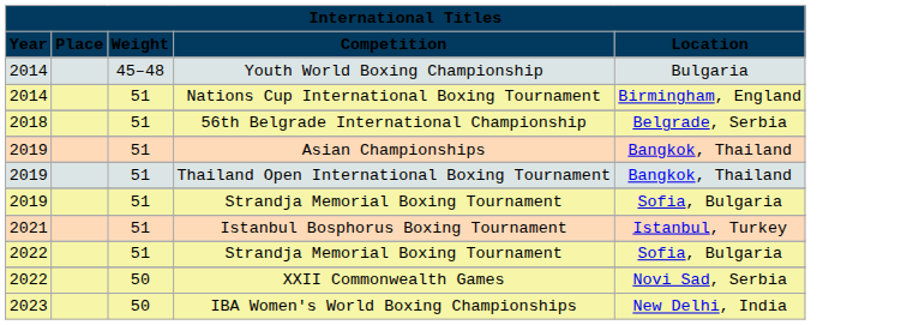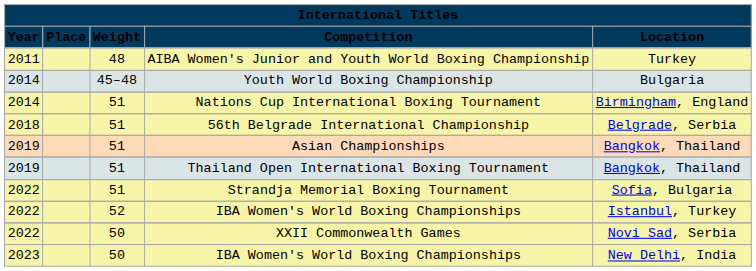 <table class="wikitable collapsible" style="text-align: center;">
 <tr>
 <th colspan=5 style="background: #013A5E; colour: #FFFFFF;">International Titles</th>
 </tr>
 <tr>
 <th style="background: #013A5E; colour: #FFFFFF;">Year</th>
 <th style="background: #013A5E; colour: #FFFFFF;">Place</th>
 <th style="background: #013A5E; colour: #FFFFFF;">Weight</th>
 <th style="background: #013A5E; colour: #FFFFFF;">Competition</th>
 <th style="background: #013A5E; colour: #FFFFFF;">Location</th>
 </tr>
 <tr>
+</tr>
+<tr bgcolor=F7F6A8>
+<td>2011</td>
+<td></td>
+<td>48</td>
+<td>AIBA Women's Junior and Youth World Boxing Championship</td>
+<td>Turkey</td>
 </tr>
 <tr>
 </tr>
 <tr bgcolor=DCE5E5>
 <td>2014</td>
 <td></td>
 <td>45–48</td>
 <td>Youth World Boxing Championship</td>
 <td>Bulgaria</td>
 </tr>
 <tr>
 </tr>
 <tr bgcolor=F7F6A8>
 <td>2014</td>
 <td></td>
 <td>51</td>
 <td>Nations Cup International Boxing Tournament</td>
 <td><a href='#'>Birmingham</a>, England</td>
 </tr>
 <tr>
 </tr>
 <tr bgcolor=F7F6A8>
 <td>2018</td>
 <td></td>
 <td>51</td>
 <td>56th Belgrade International Championship</td>
 <td><a href='#'>Belgrade</a>, Serbia</td>
 </tr>
 <tr>
 </tr>
 <tr bgcolor=FFDAB9>
 <td>2019</td>
 <td></td>
 <td>51</td>
 <td>Asian Championships</td>
 <td><a href='#'>Bangkok</a>, Thailand</td>
 </tr>
 <tr>
 </tr>
 <tr bgcolor=DCE5E5>
 <td>2019</td>
 <td></td>
 <td>51</td>
 <td>Thailand Open International Boxing Tournament</td>
 <td><a href='#'>Bangkok</a>, Thailand</td>
 </tr>
 <tr>
 </tr>
-<tr bgcolor=F7F6A8>
-<td>2019</td>
-<td></td>
-<td>51</td>
-<td>Strandja Memorial Boxing Tournament</td>
-<td><a href='#'>Sofia</a>, Bulgaria</td>
-</tr>
 <tr>
-</tr>
-<tr bgcolor=FFDAB9>
-<td>2021</td>
-<td></td>
-<td>51</td>
-<td>Istanbul Bosphorus Boxing Tournament</td>
-<td><a href='#'>Istanbul</a>, Turkey</td>
 </tr>
 <tr>
 </tr>
 <tr bgcolor=F7F6A8>
 <td>2022</td>
 <td></td>
 <td>51</td>
 <td>Strandja Memorial Boxing Tournament</td>
 <td><a href='#'>Sofia</a>, Bulgaria</td>
 </tr>
 <tr>
+</tr>
+<tr bgcolor=F7F6A8>
+<td>2022</td>
+<td></td>
+<td>52</td>
+<td>IBA Women's World Boxing Championships</td>
+<td><a href='#'>Istanbul</a>, Turkey</td>
 </tr>
 <tr>
 </tr>
 <tr bgcolor=F7F6A8>
 <td>2022</td>
 <td></td>
 <td>50</td>
 <td>XXII Commonwealth Games</td>
 <td><a href='#'>Novi Sad</a>, Serbia</td>
 </tr>
 <tr>
 </tr>
 <tr bgcolor=F7F6A8>
 <td>2023</td>
 <td></td>
 <td>50</td>
 <td>IBA Women's World Boxing Championships</td>
 <td><a href='#'>New Delhi</a>, India</td>
 </tr>
 </table>
